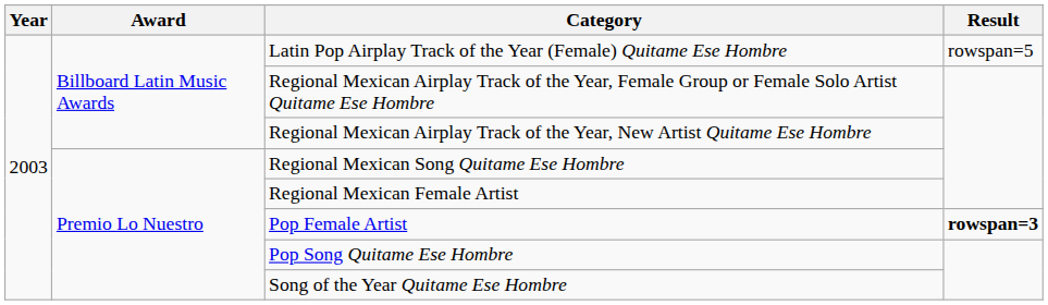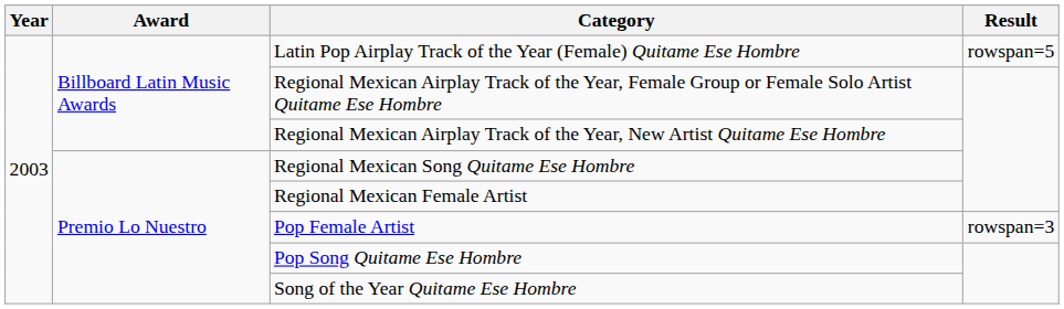 <table class="wikitable">
 <tr style="background:#b0c4de;">
 <th>Year</th>
 <th>Award</th>
 <th>Category</th>
 <th>Result</th>
 </tr>
 <tr>
 <td rowspan=8>2003</td>
 <td rowspan=3><a href='#'>Billboard Latin Music Awards</a></td>
 <td>Latin Pop Airplay Track of the Year (Female) <em>Quitame Ese Hombre</em></td>
 <td>rowspan=5 </td>
 </tr>
 <tr>
 <td>Regional Mexican Airplay Track of the Year, Female Group or Female Solo Artist <em>Quitame Ese Hombre</em></td>
 </tr>
 <tr>
 <td>Regional Mexican Airplay Track of the Year, New Artist <em>Quitame Ese Hombre</em></td>
 </tr>
 <tr>
 <td rowspan=5><a href='#'>Premio Lo Nuestro</a></td>
 <td>Regional Mexican Song <em>Quitame Ese Hombre</em></td>
 </tr>
 <tr>
 <td>Regional Mexican Female Artist</td>
 </tr>
 <tr>
 <td><a href='#'>Pop Female Artist</a></td>
-<td><strong>rowspan=3 </strong></td>
+<td>rowspan=3 </td>
 </tr>
 <tr>
 <td><a href='#'>Pop Song</a> <em>Quitame Ese Hombre</em></td>
 </tr>
 <tr>
 <td>Song of the Year <em>Quitame Ese Hombre</em></td>
 </tr>
 </table>
